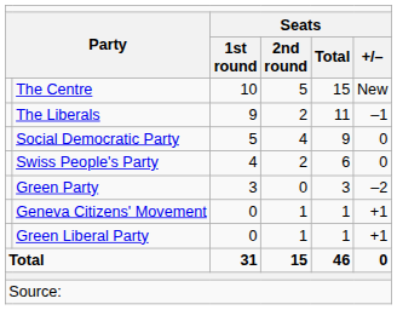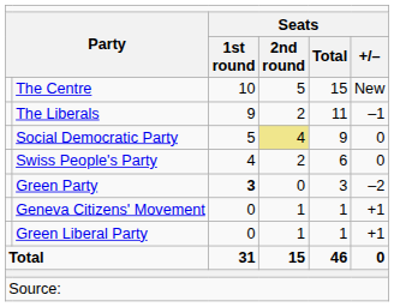 <table class="wikitable sortable">
 <tr>
 <td colspan="6"></td>
 </tr>
 <tr>
 <th colspan="2" rowspan="2">Party</th>
 <th colspan="4">Seats</th>
 </tr>
 <tr>
 <th>1st<br>round</th>
 <th>2nd<br>round</th>
 <th>Total</th>
 <th>+/–</th>
 </tr>
 <tr>
 <td style="background:"></td>
 <td><a href='#'>The Centre</a></td>
 <td align="right">10</td>
 <td align="right">5</td>
 <td align="right">15</td>
 <td align="right">New</td>
 </tr>
 <tr>
 <td style="background:"></td>
 <td><a href='#'>The Liberals</a></td>
 <td align="right">9</td>
 <td align="right">2</td>
 <td align="right">11</td>
 <td align="right">–1</td>
 </tr>
 <tr>
 <td style="background:"></td>
 <td><a href='#'>Social Democratic Party</a></td>
 <td align="right">5</td>
-<td align="right">4</td>
+<td align="right" style="background: khaki;">4</td>
 <td align="right">9</td>
 <td align="right">0</td>
 </tr>
 <tr>
 <td style="background:"></td>
 <td><a href='#'>Swiss People's Party</a></td>
 <td align="right">4</td>
 <td align="right">2</td>
 <td align="right">6</td>
 <td align="right">0</td>
 </tr>
 <tr>
 <td style="background:"></td>
 <td><a href='#'>Green Party</a></td>
-<td align="right">3</td>
+<td align="right"><strong>3</strong></td>
 <td align="right">0</td>
 <td align="right">3</td>
 <td align="right">–2</td>
 </tr>
 <tr>
 <td style="background:"></td>
 <td><a href='#'>Geneva Citizens' Movement</a></td>
 <td align="right">0</td>
 <td align="right">1</td>
 <td align="right">1</td>
 <td align="right">+1</td>
 </tr>
 <tr>
 <td style="background:"></td>
 <td><a href='#'>Green Liberal Party</a></td>
 <td align="right">0</td>
 <td align="right">1</td>
 <td align="right">1</td>
 <td align="right">+1</td>
 </tr>
 <tr>
 <td colspan="2"><strong>Total</strong></td>
 <td align="right"><strong>31</strong></td>
 <td align="right"><strong>15</strong></td>
 <td align="right"><strong>46</strong></td>
 <td align="right"><strong>0</strong></td>
 </tr>
 <tr>
 <th colspan="6"></th>
 </tr>
 <tr>
 <td colspan="6">Source: </td>
 </tr>
 </table>
